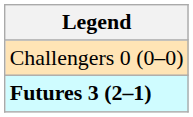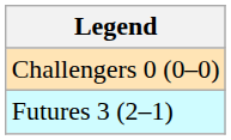 <table class=wikitable style=font-size:97%>
 <tr>
 <th>Legend</th>
 </tr>
 <tr style="background:moccasin;">
 <td>Challengers 0 (0–0)</td>
 </tr>
 <tr style="background:#cffcff;">
-<td><strong>Futures 3 (2–1)</strong></td>
+<td>Futures 3 (2–1)</td>
 </tr>
 </table>
